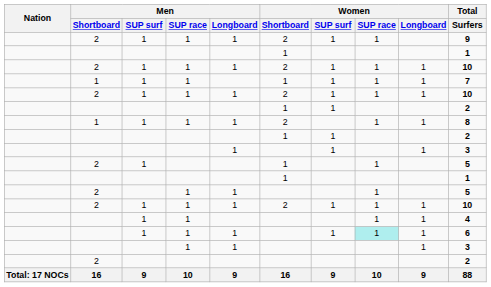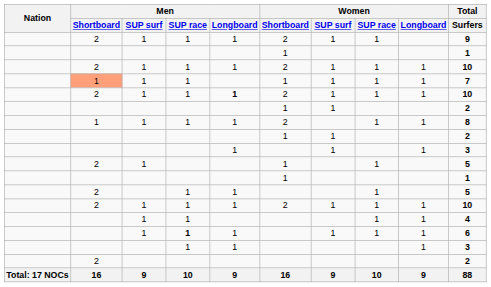 <table class="wikitable" style="text-align:center; font-size:90%">
 <tr>
 <th rowspan="2" align="left">Nation</th>
 <th colspan="4">Men</th>
 <th colspan="4">Women</th>
 <th>Total</th>
 </tr>
 <tr>
 <th width=65><a href='#'>Shortboard</a></th>
 <th width=65><a href='#'>SUP surf</a></th>
 <th width=65><a href='#'>SUP race</a></th>
 <th width=65><a href='#'>Longboard</a></th>
 <th width=65><a href='#'>Shortboard</a></th>
 <th width=65><a href='#'>SUP surf</a></th>
 <th width=65><a href='#'>SUP race</a></th>
 <th width=65><a href='#'>Longboard</a></th>
 <th width=55>Surfers</th>
 </tr>
 <tr>
 <td align=left></td>
 <td>2</td>
 <td>1</td>
 <td>1</td>
 <td>1</td>
 <td>2</td>
 <td>1</td>
 <td>1</td>
 <td></td>
 <td><strong>9</strong></td>
 </tr>
 <tr>
 <td align=left></td>
 <td></td>
 <td></td>
 <td></td>
 <td></td>
 <td>1</td>
 <td></td>
 <td></td>
 <td></td>
 <td><strong>1</strong></td>
 </tr>
 <tr>
 <td align=left></td>
 <td>2</td>
 <td>1</td>
 <td>1</td>
 <td>1</td>
 <td>2</td>
 <td>1</td>
 <td>1</td>
 <td>1</td>
 <td><strong>10</strong></td>
 </tr>
 <tr>
 <td align=left></td>
-<td>1</td>
+<td style="background: lightsalmon;">1</td>
 <td>1</td>
 <td>1</td>
 <td></td>
 <td>1</td>
 <td>1</td>
 <td>1</td>
 <td>1</td>
 <td><strong>7</strong></td>
 </tr>
 <tr>
 <td align=left></td>
 <td>2</td>
 <td>1</td>
 <td>1</td>
-<td>1</td>
+<td><strong>1</strong></td>
 <td>2</td>
 <td>1</td>
 <td>1</td>
 <td>1</td>
 <td><strong>10</strong></td>
 </tr>
 <tr>
 <td align=left></td>
 <td></td>
 <td></td>
 <td></td>
 <td></td>
 <td>1</td>
 <td>1</td>
 <td></td>
 <td></td>
 <td><strong>2</strong></td>
 </tr>
 <tr>
 <td align=left></td>
 <td>1</td>
 <td>1</td>
 <td>1</td>
 <td>1</td>
 <td>2</td>
 <td></td>
 <td>1</td>
 <td>1</td>
 <td><strong>8</strong></td>
 </tr>
 <tr>
 <td align=left></td>
 <td></td>
 <td></td>
 <td></td>
 <td></td>
 <td>1</td>
 <td>1</td>
 <td></td>
 <td></td>
 <td><strong>2</strong></td>
 </tr>
 <tr>
 <td align=left></td>
 <td></td>
 <td></td>
 <td></td>
 <td>1</td>
 <td></td>
 <td>1</td>
 <td></td>
 <td>1</td>
 <td><strong>3</strong></td>
 </tr>
 <tr>
 <td align=left></td>
 <td>2</td>
 <td>1</td>
 <td></td>
 <td></td>
 <td>1</td>
 <td></td>
 <td>1</td>
 <td></td>
 <td><strong>5</strong></td>
 </tr>
 <tr>
 <td align=left></td>
 <td></td>
 <td></td>
 <td></td>
 <td></td>
 <td>1</td>
 <td></td>
 <td></td>
 <td></td>
 <td><strong>1</strong></td>
 </tr>
 <tr>
 <td align=left></td>
 <td>2</td>
 <td></td>
 <td>1</td>
 <td>1</td>
 <td></td>
 <td></td>
 <td>1</td>
 <td></td>
 <td><strong>5</strong></td>
 </tr>
 <tr>
 <td align=left></td>
 <td>2</td>
 <td>1</td>
 <td>1</td>
 <td>1</td>
 <td>2</td>
 <td>1</td>
 <td>1</td>
 <td>1</td>
 <td><strong>10</strong></td>
 </tr>
 <tr>
 <td align=left></td>
 <td></td>
 <td>1</td>
 <td>1</td>
 <td></td>
 <td></td>
 <td></td>
 <td>1</td>
 <td>1</td>
 <td><strong>4</strong></td>
 </tr>
 <tr>
 <td align=left></td>
 <td></td>
 <td>1</td>
-<td>1</td>
+<td><strong>1</strong></td>
 <td>1</td>
 <td></td>
 <td>1</td>
-<td style="background: paleturquoise;">1</td>
+<td>1</td>
 <td>1</td>
 <td><strong>6</strong></td>
 </tr>
 <tr>
 <td align=left></td>
 <td></td>
 <td></td>
 <td>1</td>
 <td>1</td>
 <td></td>
 <td></td>
 <td></td>
 <td>1</td>
 <td><strong>3</strong></td>
 </tr>
 <tr>
 <td align=left></td>
 <td>2</td>
 <td></td>
 <td></td>
 <td></td>
 <td></td>
 <td></td>
 <td></td>
 <td></td>
 <td><strong>2</strong></td>
 </tr>
 <tr>
 <th>Total: 17 NOCs</th>
 <th>16</th>
 <th>9</th>
 <th>10</th>
 <th>9</th>
 <th>16</th>
 <th>9</th>
 <th>10</th>
 <th>9</th>
 <th>88</th>
 </tr>
 </table>
